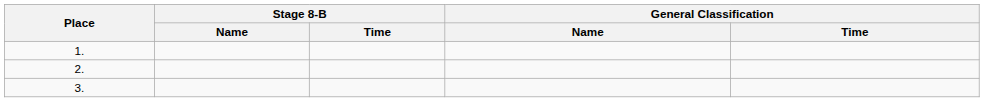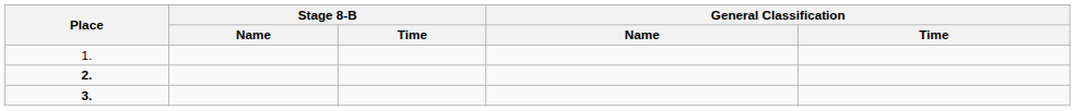 <table class=wikitable style="font-size:95%" width="80%">
 <tr>
 <th rowspan="2">Place</th>
 <th colspan="2">Stage 8-B</th>
 <th colspan="2">General Classification</th>
 </tr>
 <tr>
 <th>Name</th>
 <th>Time</th>
 <th>Name</th>
 <th>Time</th>
 </tr>
 <tr>
 <td align="center">1.</td>
 <td></td>
 <td></td>
 <td></td>
 <td></td>
 </tr>
 <tr>
-<td align="center">2.</td>
+<td align="center"><strong>2.</strong></td>
 <td></td>
 <td></td>
 <td></td>
 <td></td>
 </tr>
 <tr>
-<td align="center">3.</td>
+<td align="center"><strong>3.</strong></td>
 <td></td>
 <td></td>
 <td></td>
 <td></td>
 </tr>
 </table>
